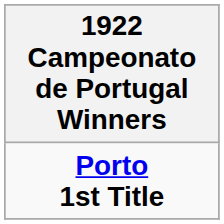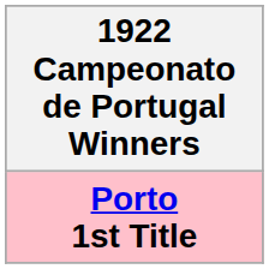 <table class="wikitable" style="text-align: center; margin: 0 auto; width: 20%">
 <tr>
 <th>1922 Campeonato de Portugal Winners</th>
 </tr>
 <tr>
-<td><strong><a href='#'>Porto</a></strong><br><strong>1st Title</strong></td>
+<td style="background: pink;"><strong><a href='#'>Porto</a></strong><br><strong>1st Title</strong></td>
 </tr>
 </table>
